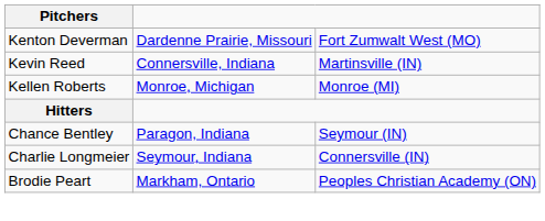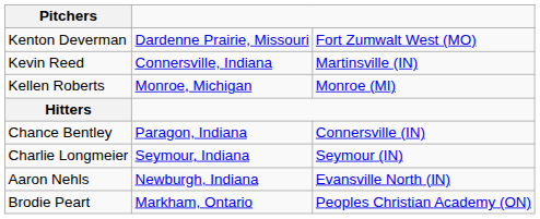 <table class="wikitable">
 <tr>
 <th>Pitchers</th>
 </tr>
 <tr>
 <td>Kenton Deverman</td>
 <td><a href='#'>Dardenne Prairie, Missouri</a></td>
 <td><a href='#'>Fort Zumwalt West (MO)</a></td>
 </tr>
 <tr>
 <td>Kevin Reed</td>
 <td><a href='#'>Connersville, Indiana</a></td>
 <td><a href='#'>Martinsville (IN)</a></td>
 </tr>
 <tr>
 <td>Kellen Roberts</td>
 <td><a href='#'>Monroe, Michigan</a></td>
 <td><a href='#'>Monroe (MI)</a></td>
 </tr>
 <tr>
 <th>Hitters</th>
 </tr>
 <tr>
 <td>Chance Bentley</td>
 <td><a href='#'>Paragon, Indiana</a></td>
-<td><a href='#'>Seymour (IN)</a></td>
+<td><a href='#'>Connersville (IN)</a></td>
 </tr>
 <tr>
 <td>Charlie Longmeier</td>
 <td><a href='#'>Seymour, Indiana</a></td>
-<td><a href='#'>Connersville (IN)</a></td>
+<td><a href='#'>Seymour (IN)</a></td>
+</tr>
+<tr>
+<td>Aaron Nehls</td>
+<td><a href='#'>Newburgh, Indiana</a></td>
+<td><a href='#'>Evansville North (IN)</a></td>
 </tr>
 <tr>
 <td>Brodie Peart</td>
 <td><a href='#'>Markham, Ontario</a></td>
 <td><a href='#'>Peoples Christian Academy (ON)</a></td>
 </tr>
 </table>
